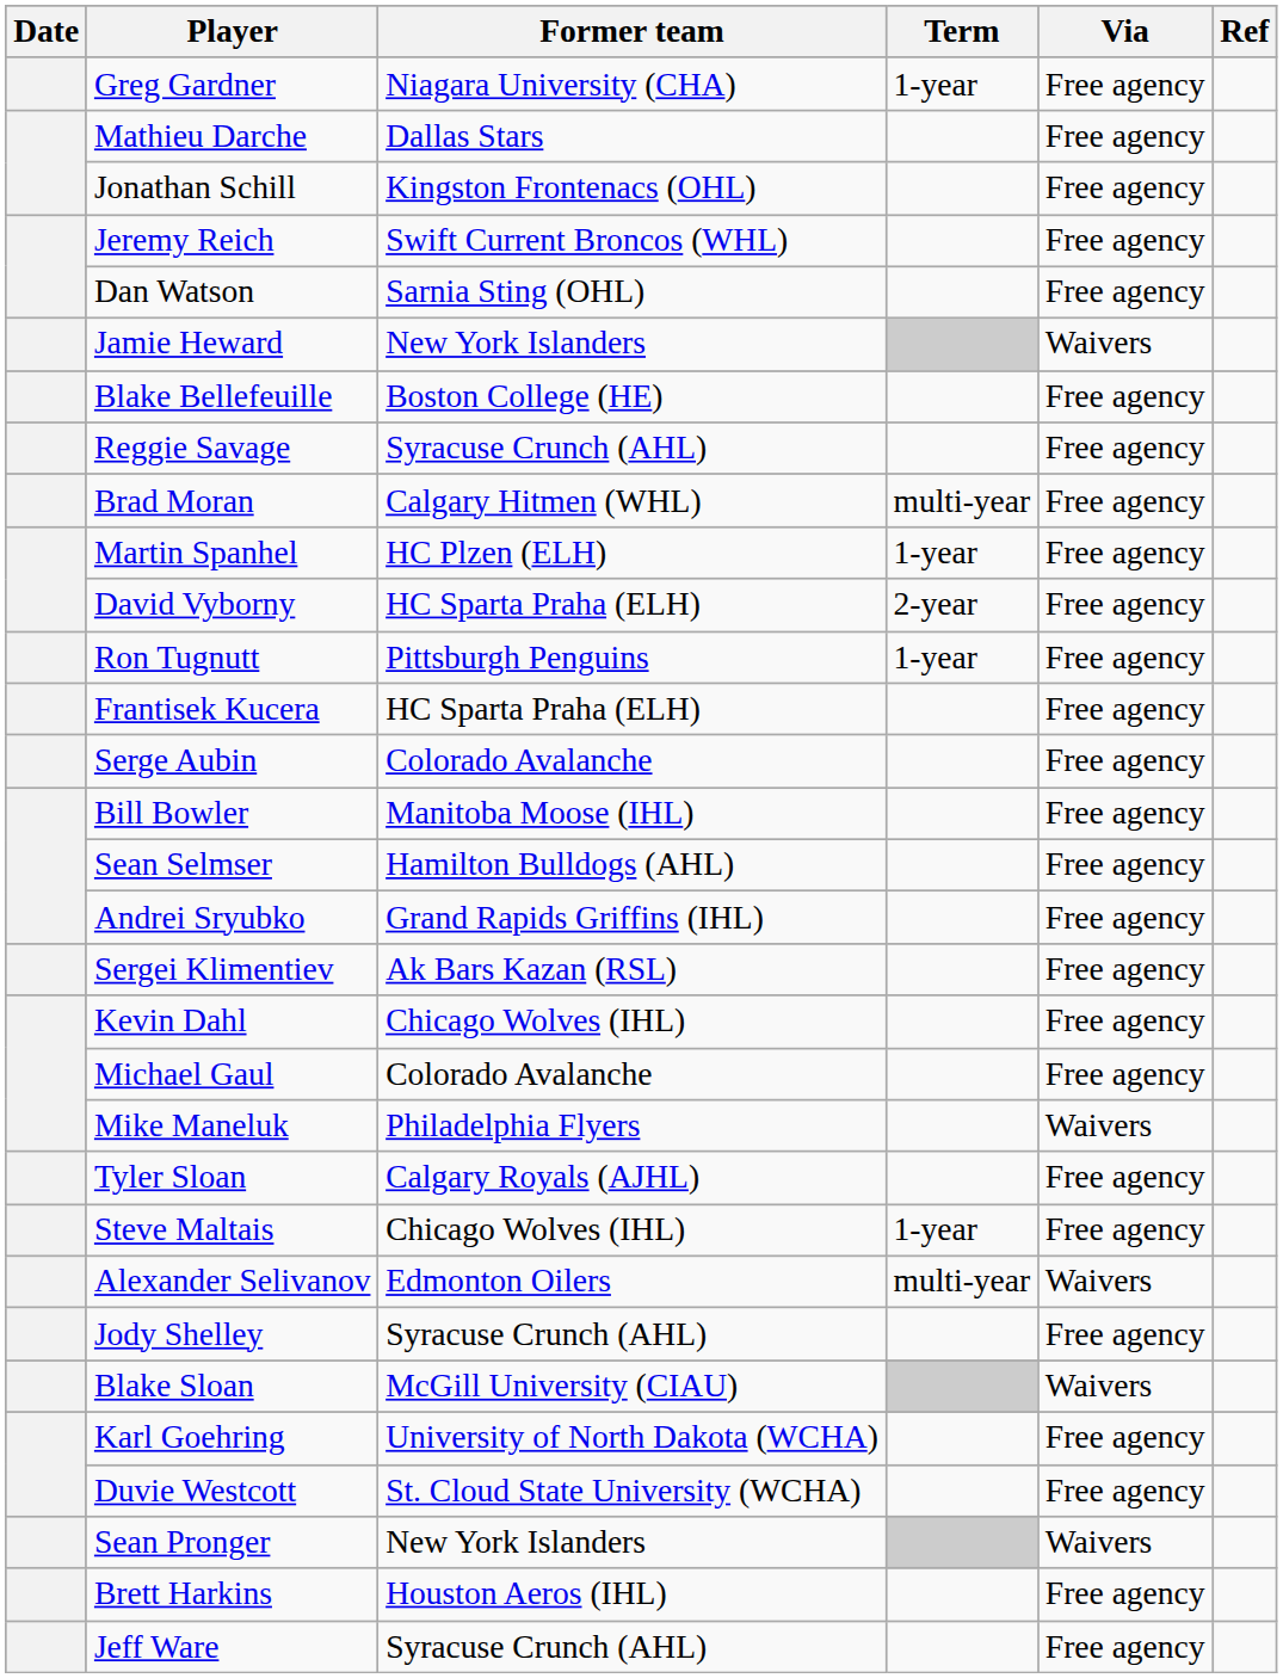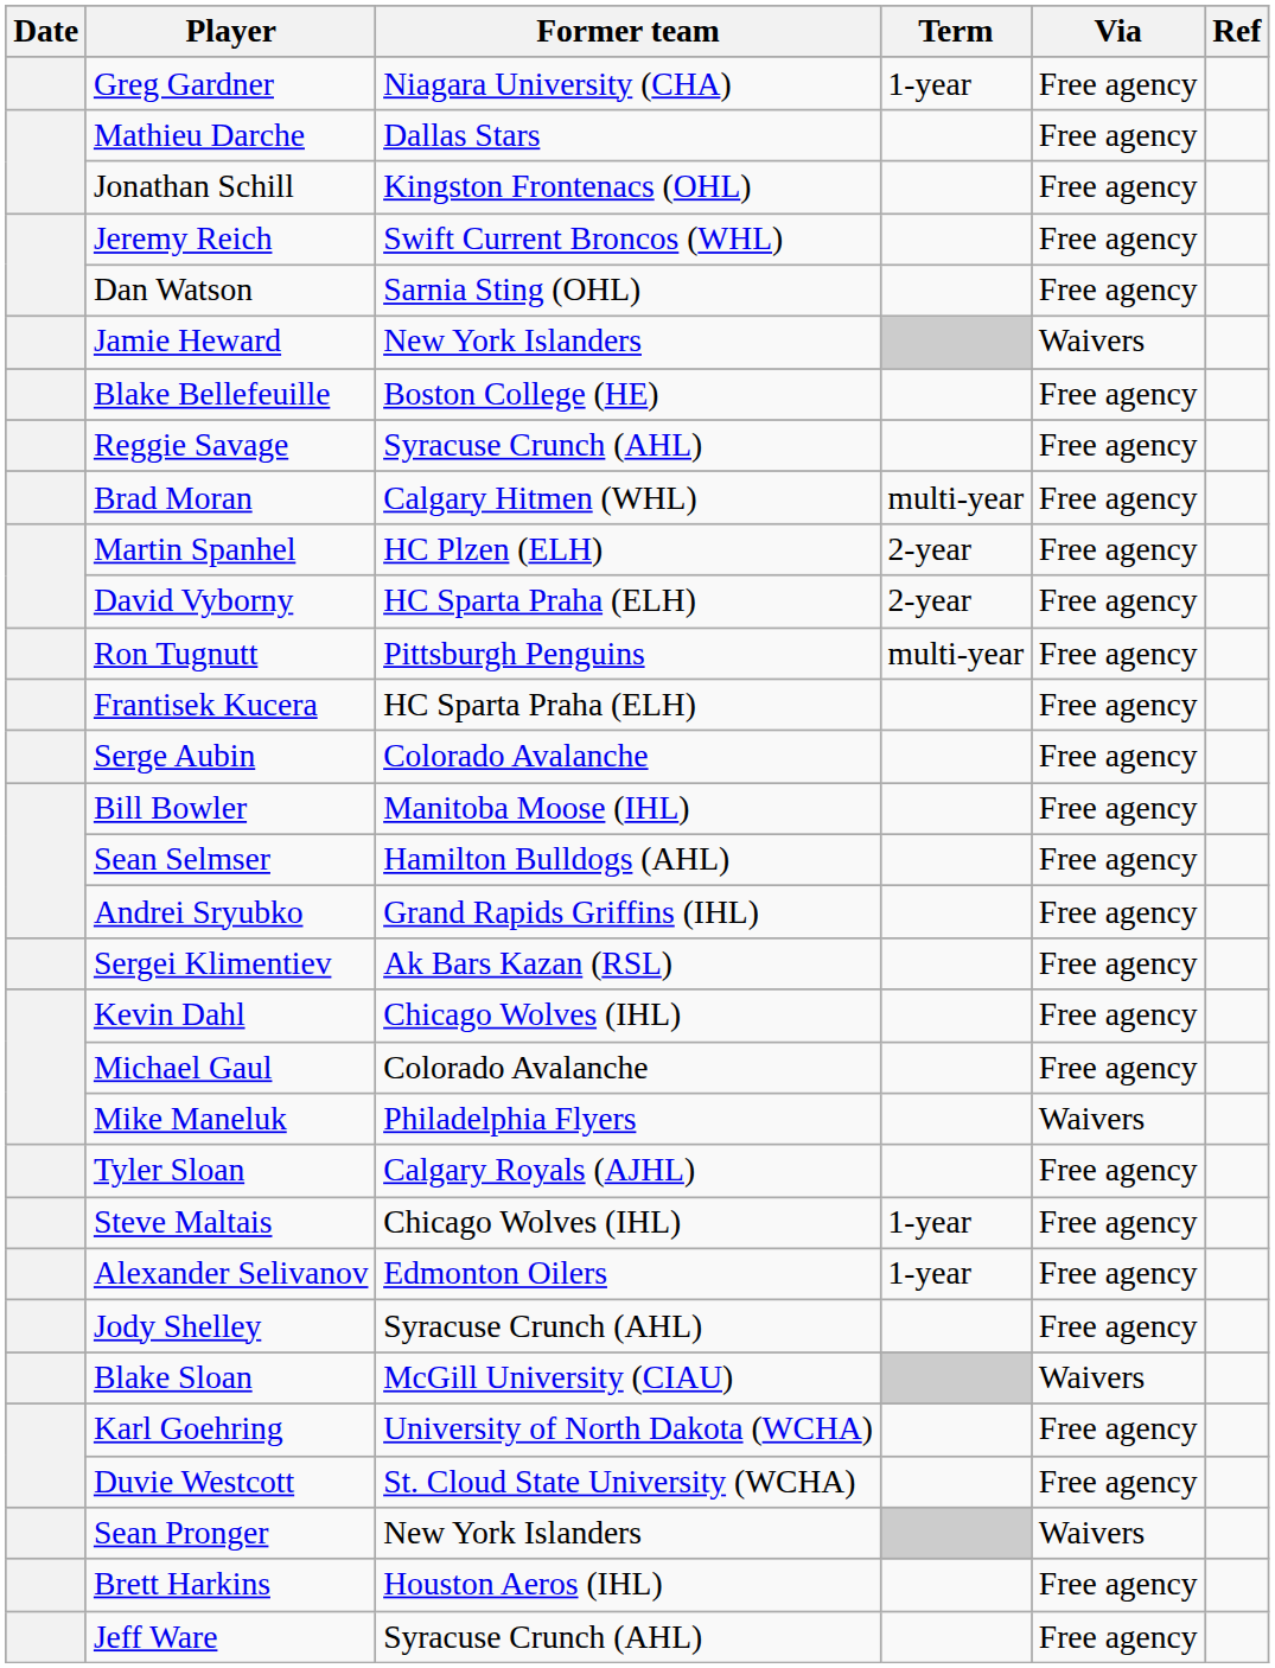 <table class="wikitable plainrowheaders">
 <tr style="background:#ddd; text-align:center;">
 <th>Date</th>
 <th>Player</th>
 <th>Former team</th>
 <th>Term</th>
 <th>Via</th>
 <th>Ref</th>
 </tr>
 <tr>
 <th scope="row"></th>
 <td><a href='#'>Greg Gardner</a></td>
 <td><a href='#'>Niagara University</a> (<a href='#'>CHA</a>)</td>
 <td>1-year</td>
 <td>Free agency</td>
 <td></td>
 </tr>
 <tr>
 <th scope="row" rowspan=2></th>
 <td><a href='#'>Mathieu Darche</a></td>
 <td><a href='#'>Dallas Stars</a></td>
 <td></td>
 <td>Free agency</td>
 <td></td>
 </tr>
 <tr>
 <td>Jonathan Schill</td>
 <td><a href='#'>Kingston Frontenacs</a> (<a href='#'>OHL</a>)</td>
 <td></td>
 <td>Free agency</td>
 <td></td>
 </tr>
 <tr>
 <th scope="row" rowspan=2></th>
 <td><a href='#'>Jeremy Reich</a></td>
 <td><a href='#'>Swift Current Broncos</a> (<a href='#'>WHL</a>)</td>
 <td></td>
 <td>Free agency</td>
 <td></td>
 </tr>
 <tr>
 <td>Dan Watson</td>
 <td><a href='#'>Sarnia Sting</a> (OHL)</td>
 <td></td>
 <td>Free agency</td>
 <td></td>
 </tr>
 <tr>
 <th scope="row"></th>
 <td><a href='#'>Jamie Heward</a></td>
 <td><a href='#'>New York Islanders</a></td>
 <td style="background:#ccc"></td>
 <td>Waivers</td>
 <td></td>
 </tr>
 <tr>
 <th scope="row"></th>
 <td><a href='#'>Blake Bellefeuille</a></td>
 <td><a href='#'>Boston College</a> (<a href='#'>HE</a>)</td>
 <td></td>
 <td>Free agency</td>
 <td></td>
 </tr>
 <tr>
 <th scope="row"></th>
 <td><a href='#'>Reggie Savage</a></td>
 <td><a href='#'>Syracuse Crunch</a> (<a href='#'>AHL</a>)</td>
 <td></td>
 <td>Free agency</td>
 <td></td>
 </tr>
 <tr>
 <th scope="row"></th>
 <td><a href='#'>Brad Moran</a></td>
 <td><a href='#'>Calgary Hitmen</a> (WHL)</td>
 <td>multi-year</td>
 <td>Free agency</td>
 <td></td>
 </tr>
 <tr>
 <th scope="row" rowspan=2></th>
 <td><a href='#'>Martin Spanhel</a></td>
 <td><a href='#'>HC Plzen</a> (<a href='#'>ELH</a>)</td>
-<td>1-year</td>
+<td>2-year</td>
 <td>Free agency</td>
 <td></td>
 </tr>
 <tr>
 <td><a href='#'>David Vyborny</a></td>
 <td><a href='#'>HC Sparta Praha</a> (ELH)</td>
 <td>2-year</td>
 <td>Free agency</td>
 <td></td>
 </tr>
 <tr>
 <th scope="row"></th>
 <td><a href='#'>Ron Tugnutt</a></td>
 <td><a href='#'>Pittsburgh Penguins</a></td>
-<td>1-year</td>
+<td>multi-year</td>
 <td>Free agency</td>
 <td></td>
 </tr>
 <tr>
 <th scope="row"></th>
 <td><a href='#'>Frantisek Kucera</a></td>
 <td>HC Sparta Praha (ELH)</td>
 <td></td>
 <td>Free agency</td>
 <td></td>
 </tr>
 <tr>
 <th scope="row"></th>
 <td><a href='#'>Serge Aubin</a></td>
 <td><a href='#'>Colorado Avalanche</a></td>
 <td></td>
 <td>Free agency</td>
 <td></td>
 </tr>
 <tr>
 <th scope="row" rowspan=3></th>
 <td><a href='#'>Bill Bowler</a></td>
 <td><a href='#'>Manitoba Moose</a> (<a href='#'>IHL</a>)</td>
 <td></td>
 <td>Free agency</td>
 <td></td>
 </tr>
 <tr>
 <td><a href='#'>Sean Selmser</a></td>
 <td><a href='#'>Hamilton Bulldogs</a> (AHL)</td>
 <td></td>
 <td>Free agency</td>
 <td></td>
 </tr>
 <tr>
 <td><a href='#'>Andrei Sryubko</a></td>
 <td><a href='#'>Grand Rapids Griffins</a> (IHL)</td>
 <td></td>
 <td>Free agency</td>
 <td></td>
 </tr>
 <tr>
 <th scope="row"></th>
 <td><a href='#'>Sergei Klimentiev</a></td>
 <td><a href='#'>Ak Bars Kazan</a> (<a href='#'>RSL</a>)</td>
 <td></td>
 <td>Free agency</td>
 <td></td>
 </tr>
 <tr>
 <th scope="row" rowspan=3></th>
 <td><a href='#'>Kevin Dahl</a></td>
 <td><a href='#'>Chicago Wolves</a> (IHL)</td>
 <td></td>
 <td>Free agency</td>
 <td></td>
 </tr>
 <tr>
 <td><a href='#'>Michael Gaul</a></td>
 <td>Colorado Avalanche</td>
 <td></td>
 <td>Free agency</td>
 <td></td>
 </tr>
 <tr>
 <td><a href='#'>Mike Maneluk</a></td>
 <td><a href='#'>Philadelphia Flyers</a></td>
 <td></td>
 <td>Waivers</td>
 <td></td>
 </tr>
 <tr>
 <th scope="row"></th>
 <td><a href='#'>Tyler Sloan</a></td>
 <td><a href='#'>Calgary Royals</a> (<a href='#'>AJHL</a>)</td>
 <td></td>
 <td>Free agency</td>
 <td></td>
 </tr>
 <tr>
 <th scope="row"></th>
 <td><a href='#'>Steve Maltais</a></td>
 <td>Chicago Wolves (IHL)</td>
 <td>1-year</td>
 <td>Free agency</td>
 <td></td>
 </tr>
 <tr>
 <th scope="row"></th>
 <td><a href='#'>Alexander Selivanov</a></td>
 <td><a href='#'>Edmonton Oilers</a></td>
-<td>multi-year</td>
-<td>Waivers</td>
+<td>1-year</td>
+<td>Free agency</td>
 <td></td>
 </tr>
 <tr>
 <th scope="row"></th>
 <td><a href='#'>Jody Shelley</a></td>
 <td>Syracuse Crunch (AHL)</td>
 <td></td>
 <td>Free agency</td>
 <td></td>
 </tr>
 <tr>
 <th scope="row"></th>
 <td><a href='#'>Blake Sloan</a></td>
 <td><a href='#'>McGill University</a> (<a href='#'>CIAU</a>)</td>
 <td style="background:#ccc"></td>
 <td>Waivers</td>
 <td></td>
 </tr>
 <tr>
 <th scope="row" rowspan=2></th>
 <td><a href='#'>Karl Goehring</a></td>
 <td><a href='#'>University of North Dakota</a> (<a href='#'>WCHA</a>)</td>
 <td></td>
 <td>Free agency</td>
 <td></td>
 </tr>
 <tr>
 <td><a href='#'>Duvie Westcott</a></td>
 <td><a href='#'>St. Cloud State University</a> (WCHA)</td>
 <td></td>
 <td>Free agency</td>
 <td></td>
 </tr>
 <tr>
 <th scope="row"></th>
 <td><a href='#'>Sean Pronger</a></td>
 <td>New York Islanders</td>
 <td style="background:#ccc"></td>
 <td>Waivers</td>
 <td></td>
 </tr>
 <tr>
 <th scope="row"></th>
 <td><a href='#'>Brett Harkins</a></td>
 <td><a href='#'>Houston Aeros</a> (IHL)</td>
 <td></td>
 <td>Free agency</td>
 <td></td>
 </tr>
 <tr>
 <th scope="row"></th>
 <td><a href='#'>Jeff Ware</a></td>
 <td>Syracuse Crunch (AHL)</td>
 <td></td>
 <td>Free agency</td>
 <td></td>
 </tr>
 </table>
